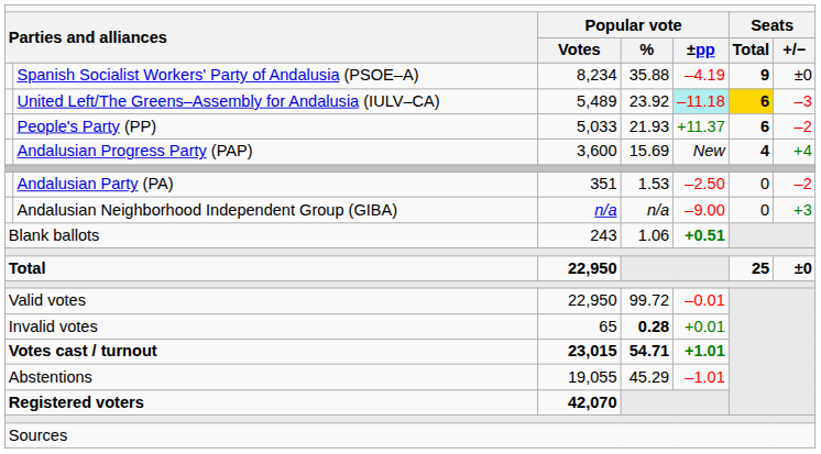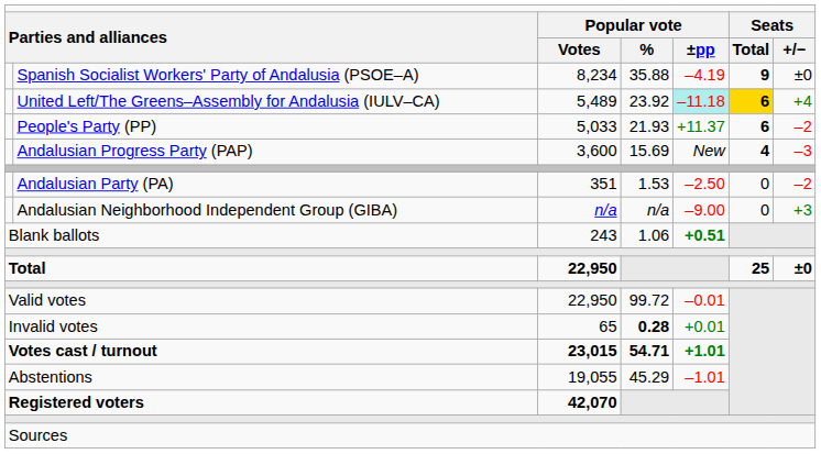 <table class="wikitable" style="text-align:right;">
 <tr>
 <td colspan="7"></td>
 </tr>
 <tr>
 <th style="text-align:left;" rowspan="2" colspan="2" width="525">Parties and alliances</th>
 <th colspan="3">Popular vote</th>
 <th colspan="2">Seats</th>
 </tr>
 <tr>
 <th width="75">Votes</th>
 <th width="45">%</th>
 <th width="45">±<a href='#'>pp</a></th>
 <th width="35">Total</th>
 <th width="35">+/−</th>
 </tr>
 <tr>
 <td width="1" style="color:inherit;background:"></td>
 <td align="left"><a href='#'>Spanish Socialist Workers' Party of Andalusia</a> (PSOE–A)</td>
 <td>8,234</td>
 <td>35.88</td>
 <td style="color:red;">–4.19</td>
 <td><strong>9</strong></td>
 <td>±0</td>
 </tr>
 <tr>
 <td style="color:inherit;background:"></td>
 <td align="left"><a href='#'>United Left/The Greens–Assembly for Andalusia</a> (IULV–CA)</td>
 <td>5,489</td>
 <td>23.92</td>
 <td style="background: paleturquoise; color:red;">–11.18</td>
 <td style="background: gold;"><strong>6</strong></td>
-<td style="color:red;">–3</td>
+<td style="color:green;">+4</td>
 </tr>
 <tr>
 <td style="color:inherit;background:"></td>
 <td align="left"><a href='#'>People's Party</a> (PP)</td>
 <td>5,033</td>
 <td>21.93</td>
 <td style="color:green;">+11.37</td>
 <td><strong>6</strong></td>
 <td style="color:red;">–2</td>
 </tr>
 <tr>
 <td style="color:inherit;background:"></td>
 <td align="left"><a href='#'>Andalusian Progress Party</a> (PAP)</td>
 <td>3,600</td>
 <td>15.69</td>
 <td><em>New</em></td>
 <td><strong>4</strong></td>
-<td style="color:green;">+4</td>
+<td style="color:red;">–3</td>
 </tr>
 <tr>
 <td colspan="7" bgcolor="#C0C0C0"></td>
 </tr>
 <tr>
 <td style="color:inherit;background:"></td>
 <td align="left"><a href='#'>Andalusian Party</a> (PA)</td>
 <td>351</td>
 <td>1.53</td>
 <td style="color:red;">–2.50</td>
 <td>0</td>
 <td style="color:red;">–2</td>
 </tr>
 <tr>
 <td style="color:inherit;background:"></td>
 <td align="left">Andalusian Neighborhood Independent Group (GIBA)</td>
 <td><em><a href='#'>n/a</a></em></td>
 <td><em>n/a</em></td>
 <td style="color:red;">–9.00</td>
 <td>0</td>
 <td style="color:green;">+3</td>
 </tr>
 <tr>
 <td align="left" colspan="2">Blank ballots</td>
 <td>243</td>
 <td>1.06</td>
 <td style="color:green;"><strong>+0.51</strong></td>
 <td bgcolor="#E9E9E9" colspan="2"></td>
 </tr>
 <tr>
 <td colspan="7" bgcolor="#E9E9E9"></td>
 </tr>
 <tr style="font-weight:bold;">
 <td align="left" colspan="2">Total</td>
 <td>22,950</td>
 <td bgcolor="#E9E9E9" colspan="2"></td>
 <td>25</td>
 <td>±0</td>
 </tr>
 <tr>
 <td colspan="7" bgcolor="#E9E9E9"></td>
 </tr>
 <tr>
 <td align="left" colspan="2">Valid votes</td>
 <td>22,950</td>
 <td>99.72</td>
 <td style="color:red;">–0.01</td>
 <td bgcolor="#E9E9E9" colspan="2" rowspan="5"></td>
 </tr>
 <tr>
 <td align="left" colspan="2">Invalid votes</td>
 <td>65</td>
 <td><strong>0.28</strong></td>
 <td style="color:green;">+0.01</td>
 </tr>
 <tr style="font-weight:bold;">
 <td align="left" colspan="2">Votes cast / turnout</td>
 <td>23,015</td>
 <td>54.71</td>
 <td style="color:green;">+1.01</td>
 </tr>
 <tr>
 <td align="left" colspan="2">Abstentions</td>
 <td>19,055</td>
 <td>45.29</td>
 <td style="color:red;">–1.01</td>
 </tr>
 <tr style="font-weight:bold;">
 <td align="left" colspan="2">Registered voters</td>
 <td>42,070</td>
 <td bgcolor="#E9E9E9" colspan="2"></td>
 </tr>
 <tr>
 <td colspan="7" bgcolor="#E9E9E9"></td>
 </tr>
 <tr>
 <td align="left" colspan="7">Sources</td>
 </tr>
 </table>
